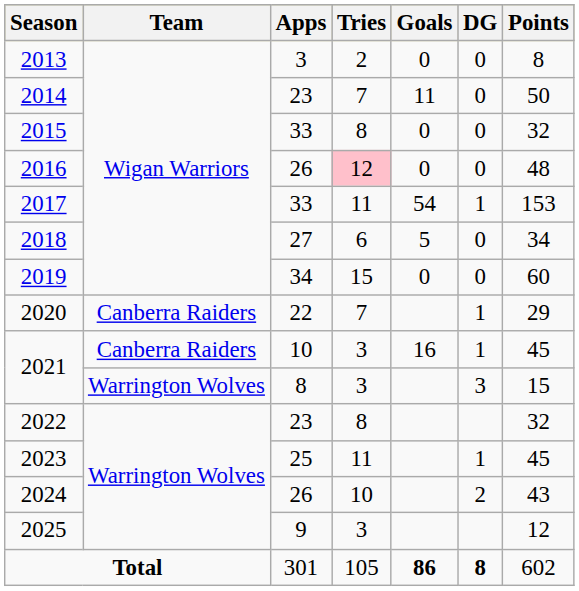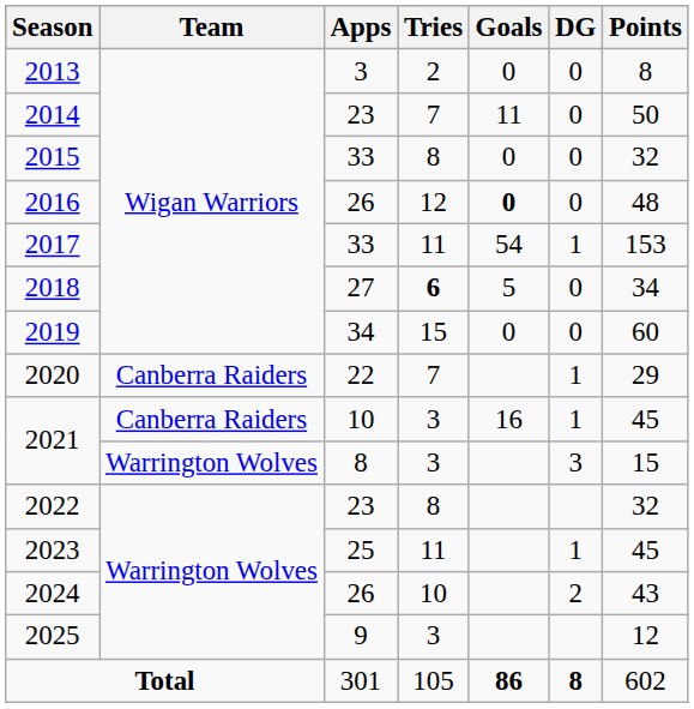 <table class="wikitable" style="text-align:center;">
 <tr bgcolor=#bdb76b>
 <th>Season</th>
 <th>Team</th>
 <th>Apps</th>
 <th>Tries</th>
 <th>Goals</th>
 <th>DG</th>
 <th>Points</th>
 </tr>
 <tr>
 <td><a href='#'>2013</a></td>
 <td rowspan="7"> <a href='#'>Wigan Warriors</a></td>
 <td>3</td>
 <td>2</td>
 <td>0</td>
 <td>0</td>
 <td>8</td>
 </tr>
 <tr>
 <td><a href='#'>2014</a></td>
 <td>23</td>
 <td>7</td>
 <td>11</td>
 <td>0</td>
 <td>50</td>
 </tr>
 <tr>
 <td><a href='#'>2015</a></td>
 <td>33</td>
 <td>8</td>
 <td>0</td>
 <td>0</td>
 <td>32</td>
 </tr>
 <tr>
 <td><a href='#'>2016</a></td>
 <td>26</td>
-<td style="background: pink;">12</td>
-<td>0</td>
+<td>12</td>
+<td><strong>0</strong></td>
 <td>0</td>
 <td>48</td>
 </tr>
 <tr>
 <td><a href='#'>2017</a></td>
 <td>33</td>
 <td>11</td>
 <td>54</td>
 <td>1</td>
 <td>153</td>
 </tr>
 <tr>
 <td><a href='#'>2018</a></td>
 <td>27</td>
-<td>6</td>
+<td><strong>6</strong></td>
 <td>5</td>
 <td>0</td>
 <td>34</td>
 </tr>
 <tr>
 <td><a href='#'>2019</a></td>
 <td>34</td>
 <td>15</td>
 <td>0</td>
 <td>0</td>
 <td>60</td>
 </tr>
 <tr>
 <td>2020</td>
 <td> <a href='#'>Canberra Raiders</a></td>
 <td>22</td>
 <td>7</td>
 <td></td>
 <td>1</td>
 <td>29</td>
 </tr>
 <tr>
 <td rowspan="2">2021</td>
 <td> <a href='#'>Canberra Raiders</a></td>
 <td>10</td>
 <td>3</td>
 <td>16</td>
 <td>1</td>
 <td>45</td>
 </tr>
 <tr>
 <td> <a href='#'>Warrington Wolves</a></td>
 <td>8</td>
 <td>3</td>
 <td></td>
 <td>3</td>
 <td>15</td>
 </tr>
 <tr>
 <td>2022</td>
 <td rowspan="4"> <a href='#'>Warrington Wolves</a></td>
 <td>23</td>
 <td>8</td>
 <td></td>
 <td></td>
 <td>32</td>
 </tr>
 <tr>
 <td>2023</td>
 <td>25</td>
 <td>11</td>
 <td></td>
 <td>1</td>
 <td>45</td>
 </tr>
 <tr>
 <td>2024</td>
 <td>26</td>
 <td>10</td>
 <td></td>
 <td>2</td>
 <td>43</td>
 </tr>
 <tr>
 <td>2025</td>
 <td>9</td>
 <td>3</td>
 <td></td>
 <td></td>
 <td>12</td>
 </tr>
 <tr>
 <td colspan="2"><strong>Total</strong></td>
 <td>301</td>
 <td>105</td>
 <td><strong>86</strong></td>
 <td><strong>8</strong></td>
 <td>602</td>
 </tr>
 </table>
